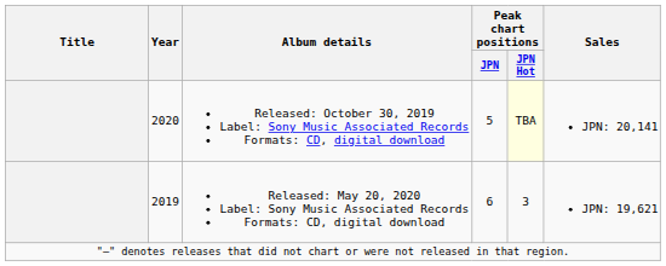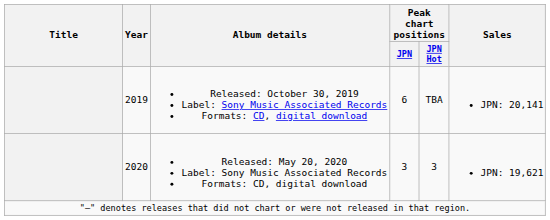 <table class="wikitable plainrowheaders" style="text-align:center;">
 <tr>
 <th scope="col" rowspan="2" style="width:12em;">Title</th>
 <th scope="col" rowspan="2">Year</th>
 <th scope="col" rowspan="2">Album details</th>
 <th scope="col" colspan="2">Peak chart positions</th>
 <th scope="col" rowspan="2">Sales</th>
 </tr>
 <tr>
 <th scope="col" style="width:3em;font-size:90%;"><a href='#'>JPN</a></th>
 <th scope="col" style="width:3em;font-size:90%;"><a href='#'>JPN<br>Hot</a></th>
 </tr>
 <tr>
 <th scope="row"></th>
-<td>2020</td>
+<td>2019</td>
 <td><br><ul><li>Released: October 30, 2019</li><li>Label: <a href='#'>Sony Music Associated Records</a></li><li>Formats: <a href='#'>CD</a>, <a href='#'>digital download</a></li></ul></td>
-<td>5</td>
-<td style="background: lightyellow;">TBA</td>
+<td>6</td>
+<td>TBA</td>
 <td><br><ul><li>JPN: 20,141</li></ul></td>
 </tr>
 <tr>
 <th scope="row"></th>
-<td>2019</td>
+<td>2020</td>
 <td><br><ul><li>Released: May 20, 2020</li><li>Label: Sony Music Associated Records</li><li>Formats: CD, digital download</li></ul></td>
-<td>6</td>
+<td>3</td>
 <td>3</td>
 <td><br><ul><li>JPN: 19,621</li></ul></td>
 </tr>
 <tr>
 <td colspan="6" style="font-size:90%;">"—" denotes releases that did not chart or were not released in that region.</td>
 </tr>
 </table>
